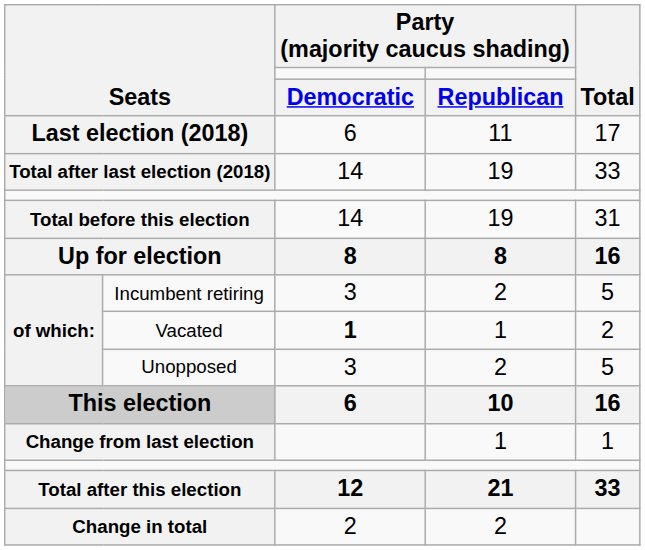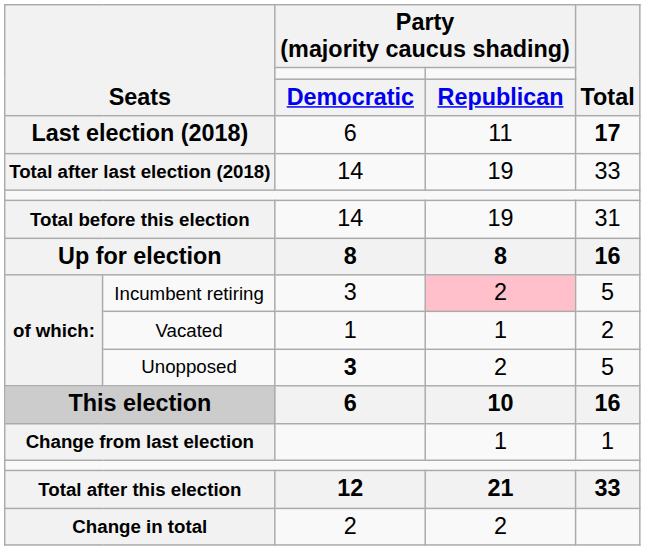 <table class=wikitable style="text-align:center">
 <tr style="vertical-align:bottom;">
 <th rowspan=3 colspan=2>Seats</th>
 <th colspan=2>Party <div>(majority caucus shading)</div></th>
 <th rowspan=3>Total</th>
 </tr>
 <tr style="height:5px">
 <td style="background-color:"></td>
 <td style="background-color:"></td>
 </tr>
 <tr>
 <th><a href='#'>Democratic</a></th>
 <th><a href='#'>Republican</a></th>
 </tr>
 <tr>
 <th nowrap colspan=2>Last election (2018)</th>
 <td>6</td>
 <td>11</td>
-<td>17</td>
+<td><strong>17</strong></td>
 </tr>
 <tr>
 <th nowrap style="font-size:80%" colspan=2>Total after last election (2018)</th>
 <td>14</td>
 <td>19</td>
 <td>33</td>
 </tr>
 <tr>
 <td colspan=5></td>
 </tr>
 <tr>
 <th nowrap style="font-size:80%" colspan=2>Total before this election</th>
 <td>14</td>
 <td>19</td>
 <td>31</td>
 </tr>
 <tr>
 <th colspan=2>Up for election</th>
 <th>8</th>
 <th>8</th>
 <th>16</th>
 </tr>
 <tr>
 <th style="font-size:80%" rowspan=3>of which:</th>
 <td nowrap style="font-size:80%">Incumbent retiring</td>
 <td>3</td>
-<td>2</td>
+<td style="background: pink;">2</td>
 <td>5</td>
 </tr>
 <tr>
 <td nowrap style="font-size:80%">Vacated</td>
-<td><strong>1</strong></td>
+<td>1</td>
 <td>1</td>
 <td>2</td>
 </tr>
 <tr>
 <td nowrap style="font-size:80%">Unopposed</td>
-<td>3</td>
+<td><strong>3</strong></td>
 <td>2</td>
 <td>5</td>
 </tr>
 <tr>
 <th nowrap style="background:#ccc" colspan=2>This election</th>
 <th>6</th>
 <th>10</th>
 <th>16</th>
 </tr>
 <tr>
 <th nowrap style="font-size:80%"  colspan=2>Change from last election</th>
 <td></td>
 <td> 1</td>
 <td> 1</td>
 </tr>
 <tr>
 <td colspan=5></td>
 </tr>
 <tr>
 <th nowrap style="font-size:80%" colspan=2>Total after this election</th>
 <th>12</th>
 <th>21</th>
 <th>33</th>
 </tr>
 <tr>
 <th nowrap style="font-size:80%"  colspan=2>Change in total</th>
 <td> 2</td>
 <td> 2</td>
 <td></td>
 </tr>
 </table>
